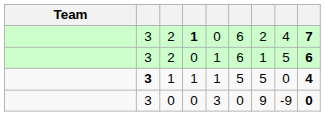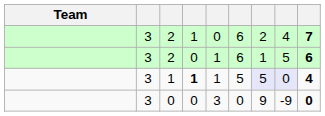 <table class="wikitable" style="text-align:center;">
 <tr>
 <th width=150>Team</th>
 <th width=20 abbr="Played"></th>
 <th width=20 abbr="Won"></th>
 <th width=20 abbr="Drawn"></th>
 <th width=20 abbr="Lost"></th>
 <th width=20 abbr="Goals for"></th>
 <th width=20 abbr="Goals against"></th>
 <th width=20 abbr="Goal difference"></th>
 <th width=20 abbr="Points"></th>
 </tr>
 <tr bgcolor="#ccffcc">
 <td align="left"></td>
 <td>3</td>
 <td>2</td>
-<td><strong>1</strong></td>
+<td>1</td>
 <td>0</td>
 <td>6</td>
 <td>2</td>
 <td>4</td>
 <td><strong>7</strong></td>
 </tr>
 <tr bgcolor="#ccffcc">
 <td align="left"></td>
 <td>3</td>
 <td>2</td>
 <td>0</td>
 <td>1</td>
 <td>6</td>
 <td>1</td>
 <td>5</td>
 <td><strong>6</strong></td>
 </tr>
 <tr>
 <td align="left"></td>
-<td><strong>3</strong></td>
+<td>3</td>
 <td>1</td>
-<td>1</td>
+<td><strong>1</strong></td>
 <td>1</td>
 <td>5</td>
-<td>5</td>
-<td>0</td>
+<td style="background: lavender;">5</td>
+<td style="background: lavender;">0</td>
 <td><strong>4</strong></td>
 </tr>
 <tr>
 <td align="left"></td>
 <td>3</td>
 <td>0</td>
 <td>0</td>
 <td>3</td>
 <td>0</td>
 <td>9</td>
 <td>-9</td>
 <td><strong>0</strong></td>
 </tr>
 </table>
